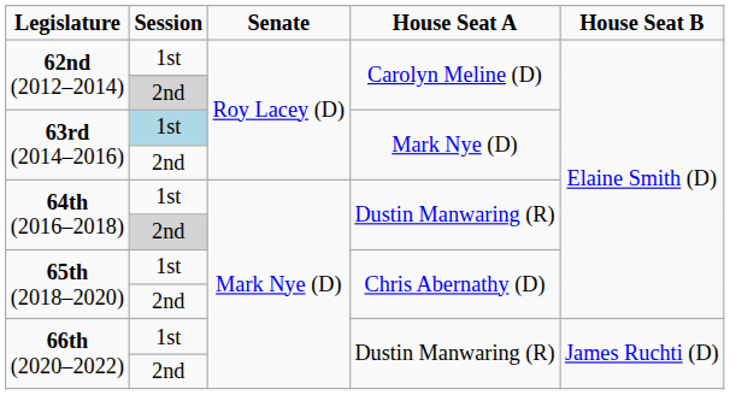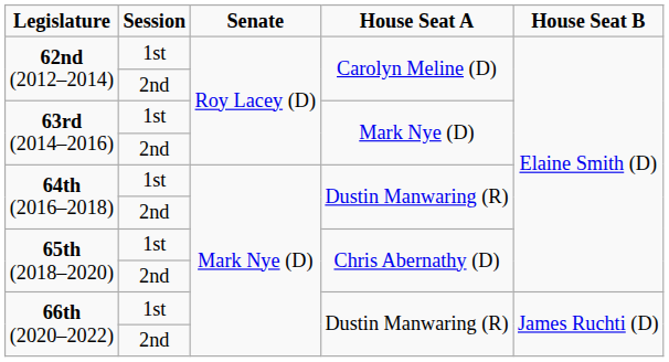 <table class=wikitable style="text-align:center">
 <tr>
 <td><strong>Legislature</strong></td>
 <td><strong>Session</strong></td>
 <td><strong>Senate</strong></td>
 <td><strong>House Seat A</strong></td>
 <td><strong>House Seat B</strong></td>
 </tr>
 <tr>
 <td rowspan="2" colspan="1" style="text-align: center;"><strong>62nd</strong> <br> (2012–2014)</td>
 <td>1st</td>
 <td rowspan="4" colspan="1" style="text-align: center;" ><a href='#'>Roy Lacey</a> (D)</td>
 <td rowspan="2" colspan="1" style="text-align: center;" ><a href='#'>Carolyn Meline</a> (D)</td>
 <td rowspan="8" colspan="1" style="text-align: center;" ><a href='#'>Elaine Smith</a> (D)</td>
 </tr>
 <tr>
-<td style="background: lightgrey;">2nd</td>
+<td>2nd</td>
 </tr>
 <tr>
 <td rowspan="2" colspan="1" style="text-align: center;"><strong>63rd</strong> <br> (2014–2016)</td>
-<td style="background: lightblue;">1st</td>
+<td>1st</td>
 <td rowspan="2" colspan="1" style="text-align: center;" ><a href='#'>Mark Nye</a> (D)</td>
 </tr>
 <tr>
 <td>2nd</td>
 </tr>
 <tr>
 <td rowspan="2" colspan="1" style="text-align: center;"><strong>64th</strong> <br> (2016–2018)</td>
 <td>1st</td>
 <td rowspan="6" colspan="1" style="text-align: center;" ><a href='#'>Mark Nye</a> (D)</td>
 <td rowspan="2" colspan="1" style="text-align: center;" ><a href='#'>Dustin Manwaring</a> (R)</td>
 </tr>
 <tr>
-<td style="background: lightgrey;">2nd</td>
+<td>2nd</td>
 </tr>
 <tr>
 <td rowspan="2" colspan="1" style="text-align: center;"><strong>65th</strong> <br> (2018–2020)</td>
 <td>1st</td>
 <td rowspan="2" colspan="1" style="text-align: center;" ><a href='#'>Chris Abernathy</a> (D)</td>
 </tr>
 <tr>
 <td>2nd</td>
 </tr>
 <tr>
 <td rowspan="2" colspan="1" style="text-align: center;"><strong>66th</strong> <br> (2020–2022)</td>
 <td>1st</td>
 <td rowspan="2" colspan="1" style="text-align: center;" >Dustin Manwaring (R)</td>
 <td rowspan="2" colspan="1" style="text-align: center;" ><a href='#'>James Ruchti</a> (D)</td>
 </tr>
 <tr>
 <td>2nd</td>
 </tr>
 </table>
